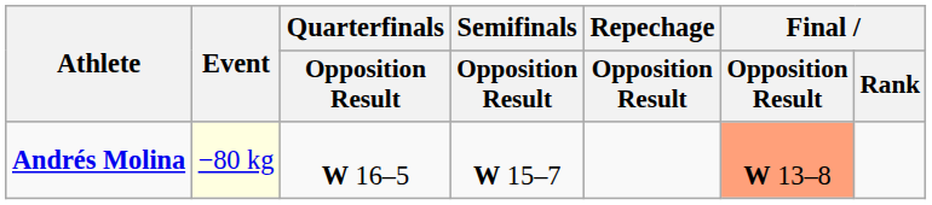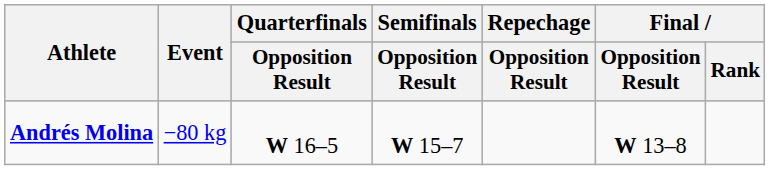 <table class="wikitable" style="font-size:90%;">
 <tr>
 <th rowspan=2>Athlete</th>
 <th rowspan=2>Event</th>
 <th>Quarterfinals</th>
 <th>Semifinals</th>
 <th>Repechage</th>
 <th colspan="2">Final / </th>
 </tr>
 <tr style="font-size:95%">
 <th>Opposition<br>Result</th>
 <th>Opposition<br>Result</th>
 <th>Opposition<br>Result</th>
 <th>Opposition<br>Result</th>
 <th>Rank</th>
 </tr>
 <tr align=center>
 <td align=left><strong><a href='#'>Andrés Molina</a></strong></td>
-<td align=left style="background: lightyellow;"><a href='#'>−80 kg</a></td>
+<td align=left><a href='#'>−80 kg</a></td>
 <td><br><strong>W</strong> 16–5</td>
 <td><br><strong>W</strong> 15–7</td>
 <td></td>
-<td style="background: lightsalmon;"><br><strong>W</strong> 13–8</td>
+<td><br><strong>W</strong> 13–8</td>
 <td></td>
 </tr>
 </table>
